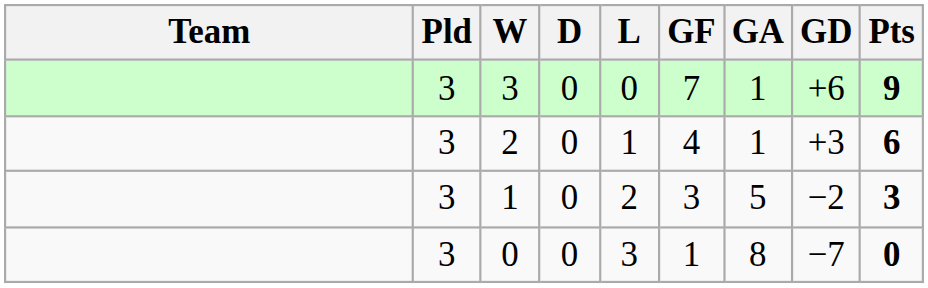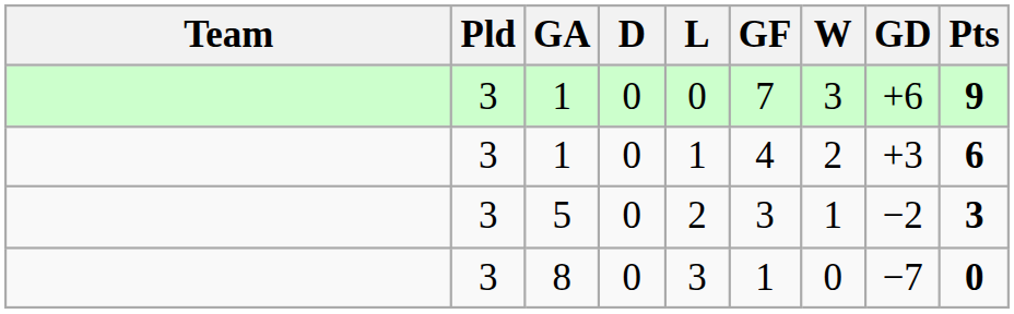 <table class="wikitable" style="text-align:center;">
 <tr>
 <th width=180>Team</th>
 <th width=20>Pld</th>
-<th width=20>W</th>
+<th width=20>GA</th>
 <th width=20>D</th>
 <th width=20>L</th>
 <th width=20>GF</th>
-<th width=20>GA</th>
+<th width=20>W</th>
 <th width=20>GD</th>
 <th width=20>Pts</th>
 </tr>
 <tr bgcolor=ccffcc>
 <td align="left"><em></em></td>
 <td>3</td>
-<td>3</td>
+<td>1</td>
 <td>0</td>
 <td>0</td>
 <td>7</td>
-<td>1</td>
+<td>3</td>
 <td>+6</td>
 <td><strong>9</strong></td>
 </tr>
 <tr>
 <td align="left"></td>
 <td>3</td>
-<td>2</td>
+<td>1</td>
 <td>0</td>
 <td>1</td>
 <td>4</td>
-<td>1</td>
+<td>2</td>
 <td>+3</td>
 <td><strong>6</strong></td>
 </tr>
 <tr>
 <td align="left"></td>
 <td>3</td>
-<td>1</td>
+<td>5</td>
 <td>0</td>
 <td>2</td>
 <td>3</td>
-<td>5</td>
+<td>1</td>
 <td>−2</td>
 <td><strong>3</strong></td>
 </tr>
 <tr>
 <td align="left"></td>
 <td>3</td>
-<td>0</td>
+<td>8</td>
 <td>0</td>
 <td>3</td>
 <td>1</td>
-<td>8</td>
+<td>0</td>
 <td>−7</td>
 <td><strong>0</strong></td>
 </tr>
 </table>
